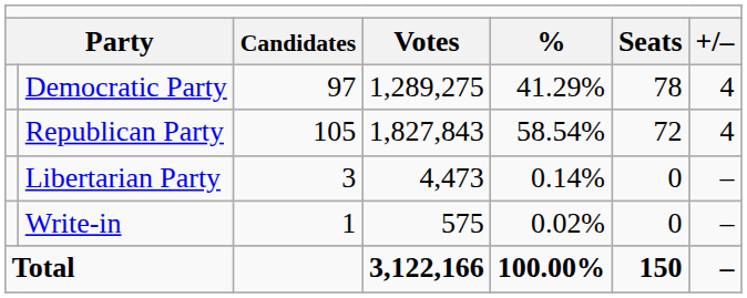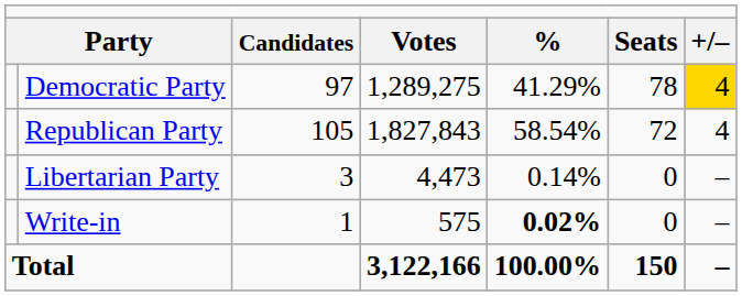 <table class="wikitable" style="font-size:100%; text-align:right;">
 <tr>
 <td colspan="15" align="center"></td>
 </tr>
 <tr>
 <th colspan="2">Party</th>
 <th><small>Candidates</small></th>
 <th>Votes</th>
 <th>%</th>
 <th>Seats</th>
 <th>+/–</th>
 </tr>
 <tr>
 <td style="background:"></td>
 <td align="left"><a href='#'>Democratic Party</a></td>
 <td>97</td>
 <td>1,289,275</td>
 <td>41.29%</td>
 <td>78</td>
-<td>4</td>
+<td style="background: gold;">4</td>
 </tr>
 <tr>
 <td style="background:"></td>
 <td align="left"><a href='#'>Republican Party</a></td>
 <td>105</td>
 <td>1,827,843</td>
 <td>58.54%</td>
 <td>72</td>
 <td>4</td>
 </tr>
 <tr>
 <td style="background:"></td>
 <td align="left"><a href='#'>Libertarian Party</a></td>
 <td>3</td>
 <td>4,473</td>
 <td>0.14%</td>
 <td>0</td>
 <td>–</td>
 </tr>
 <tr>
 <td style="background:"></td>
 <td align="left"><a href='#'>Write-in</a></td>
 <td>1</td>
 <td>575</td>
-<td>0.02%</td>
+<td><strong>0.02%</strong></td>
 <td>0</td>
 <td>–</td>
 </tr>
 <tr style="font-weight:bold">
 <td colspan="2" align="left">Total</td>
 <td></td>
 <td>3,122,166</td>
 <td>100.00%</td>
 <td>150</td>
 <td>–</td>
 </tr>
 </table>
